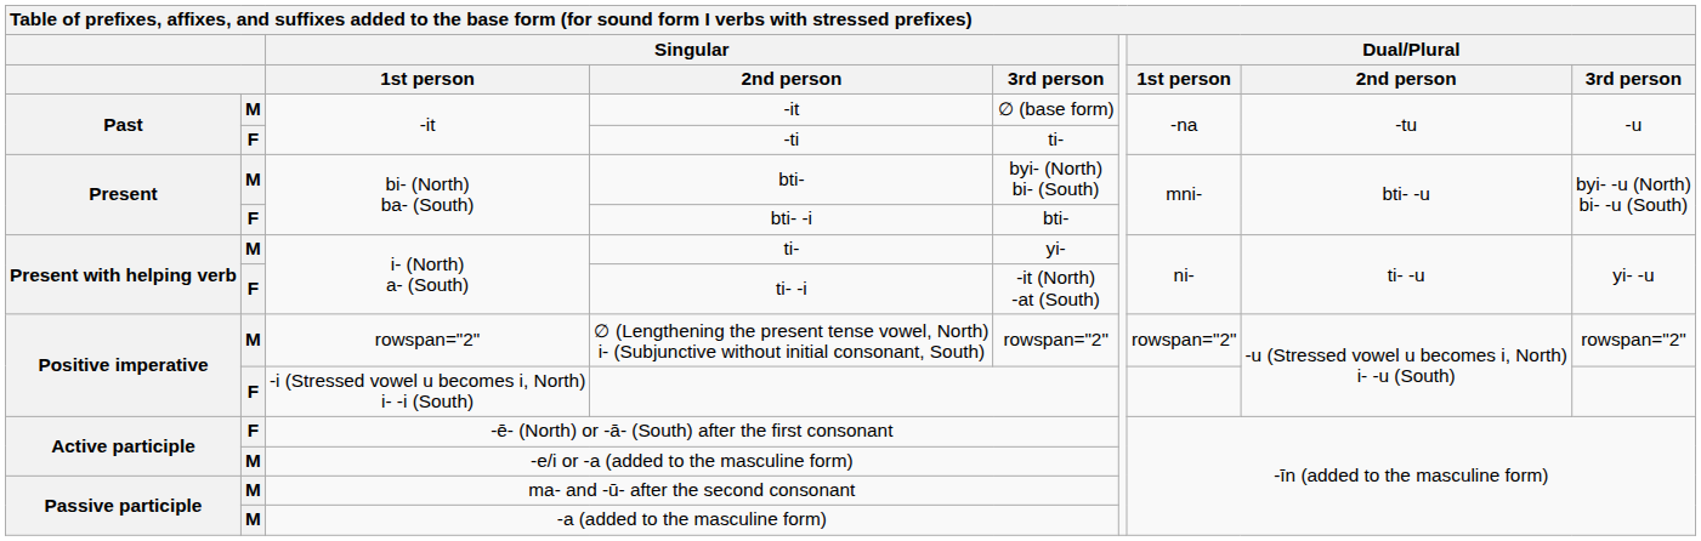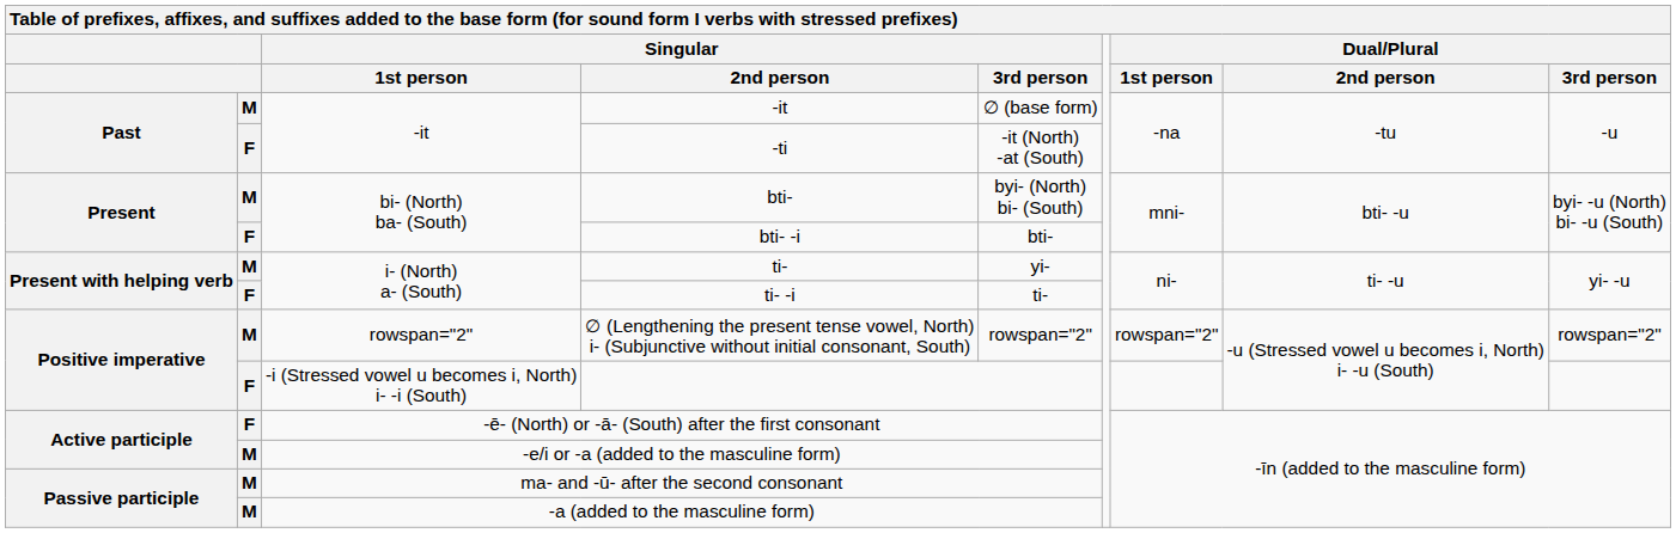 <table class="wikitable" style="text-align:center;">
 <tr>
 <th style="text-align:left;" colspan="9">Table of prefixes, affixes, and suffixes added to the base form (for sound form I verbs with stressed prefixes)</th>
 </tr>
 <tr>
 <th colspan="2"></th>
 <th colspan="3">Singular</th>
 <td rowspan="15"></td>
 <th colspan="3">Dual/Plural</th>
 </tr>
 <tr>
 <th colspan="2"></th>
 <th>1st person</th>
 <th>2nd person</th>
 <th>3rd person</th>
 <th>1st person</th>
 <th>2nd person</th>
 <th>3rd person</th>
 </tr>
 <tr>
 <th rowspan="2">Past</th>
 <th>M</th>
 <td rowspan="2">-it</td>
 <td>-it</td>
 <td>∅ (base form)</td>
 <td rowspan="2">-na</td>
 <td rowspan="2">-tu</td>
 <td rowspan="2">-u</td>
 </tr>
 <tr>
 <th>F</th>
 <td>-ti</td>
-<td>ti-</td>
+<td>-it (North)<br>-at (South)</td>
 </tr>
 <tr>
 <th rowspan="2">Present</th>
 <th>M</th>
 <td rowspan="2">bi- (North)<br>ba- (South)</td>
 <td>bti-</td>
 <td>byi- (North)<br>bi- (South)</td>
 <td rowspan="2">mni-</td>
 <td rowspan="2">bti- -u</td>
 <td rowspan="2">byi- -u (North)<br>bi- -u (South)</td>
 </tr>
 <tr>
 <th>F</th>
 <td>bti- -i</td>
 <td>bti-</td>
 </tr>
 <tr>
 <th rowspan="2">Present with helping verb</th>
 <th>M</th>
 <td rowspan="2">i- (North)<br>a- (South)</td>
 <td>ti-</td>
 <td>yi-</td>
 <td rowspan="2">ni-</td>
 <td rowspan="2">ti- -u</td>
 <td rowspan="2">yi- -u</td>
 </tr>
 <tr>
 <th>F</th>
 <td>ti- -i</td>
-<td>-it (North)<br>-at (South)</td>
+<td>ti-</td>
 </tr>
 <tr>
 <th rowspan="2">Positive imperative</th>
 <th>M</th>
 <td>rowspan="2" </td>
 <td>∅ (Lengthening the present tense vowel, North)<br>i- (Subjunctive without initial consonant, South)</td>
 <td>rowspan="2" </td>
 <td>rowspan="2" </td>
 <td rowspan="2">-u (Stressed vowel u becomes i, North)<br>i- -u (South)</td>
 <td>rowspan="2" </td>
 </tr>
 <tr>
 <th>F</th>
 <td>-i (Stressed vowel u becomes i, North)<br>i- -i (South)</td>
 </tr>
 <tr>
 <th rowspan="2">Active participle</th>
 <th>F</th>
 <td colspan="3">-ē- (North) or -ā- (South) after the first consonant</td>
 <td colspan="3" rowspan="4">-īn (added to the masculine form)</td>
 </tr>
 <tr>
 <th>M</th>
 <td colspan="3">-e/i or -a (added to the masculine form)</td>
 </tr>
 <tr>
 <th rowspan="2">Passive participle</th>
 <th>M</th>
 <td colspan="3">ma- and -ū- after the second consonant</td>
 </tr>
 <tr>
 <th>M</th>
 <td colspan="3">-a (added to the masculine form)</td>
 </tr>
 </table>
